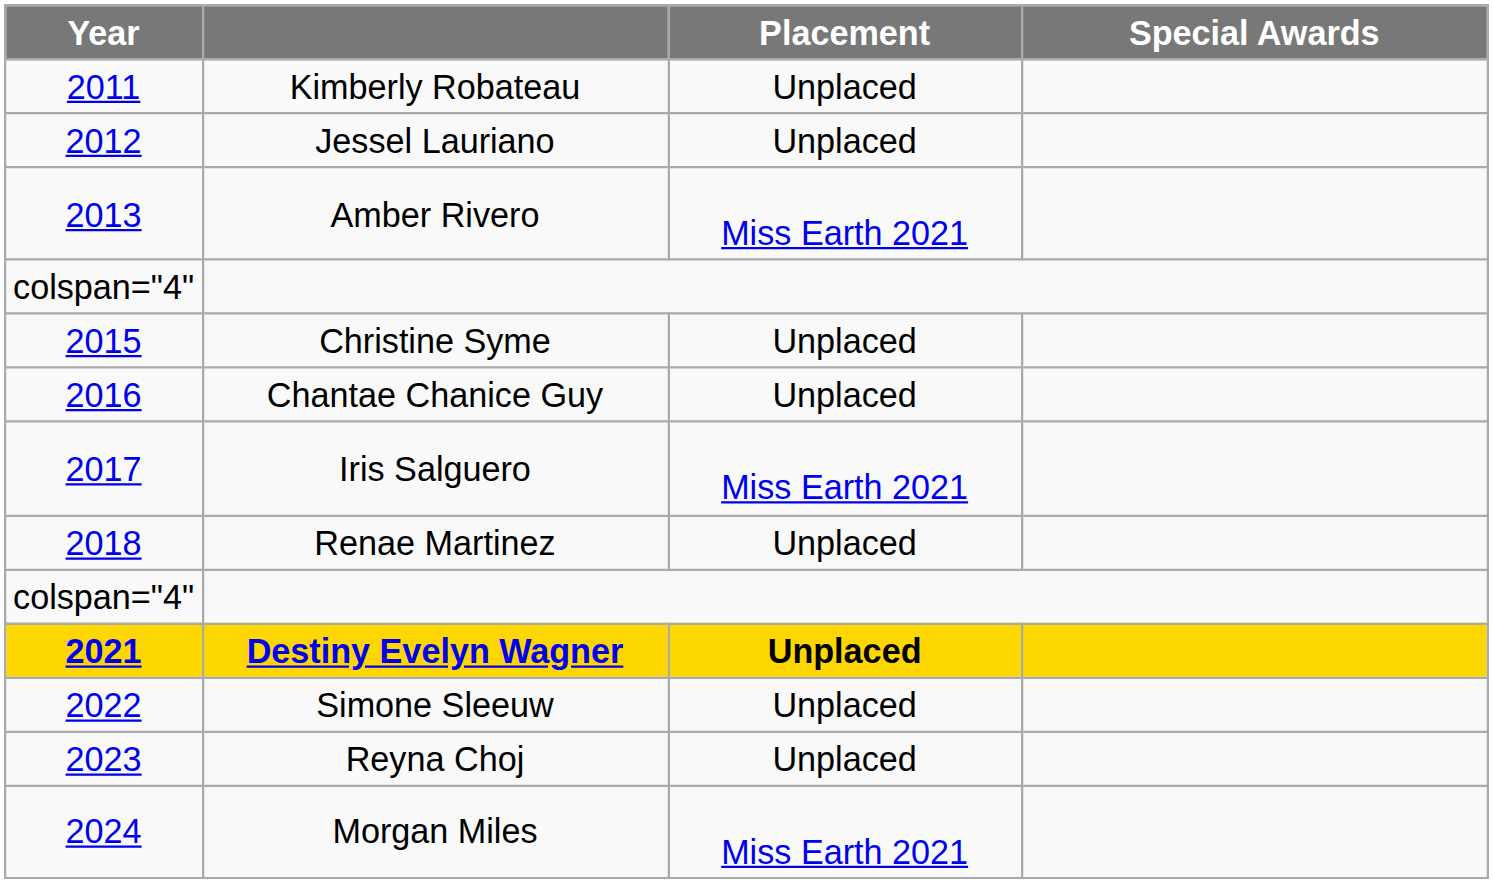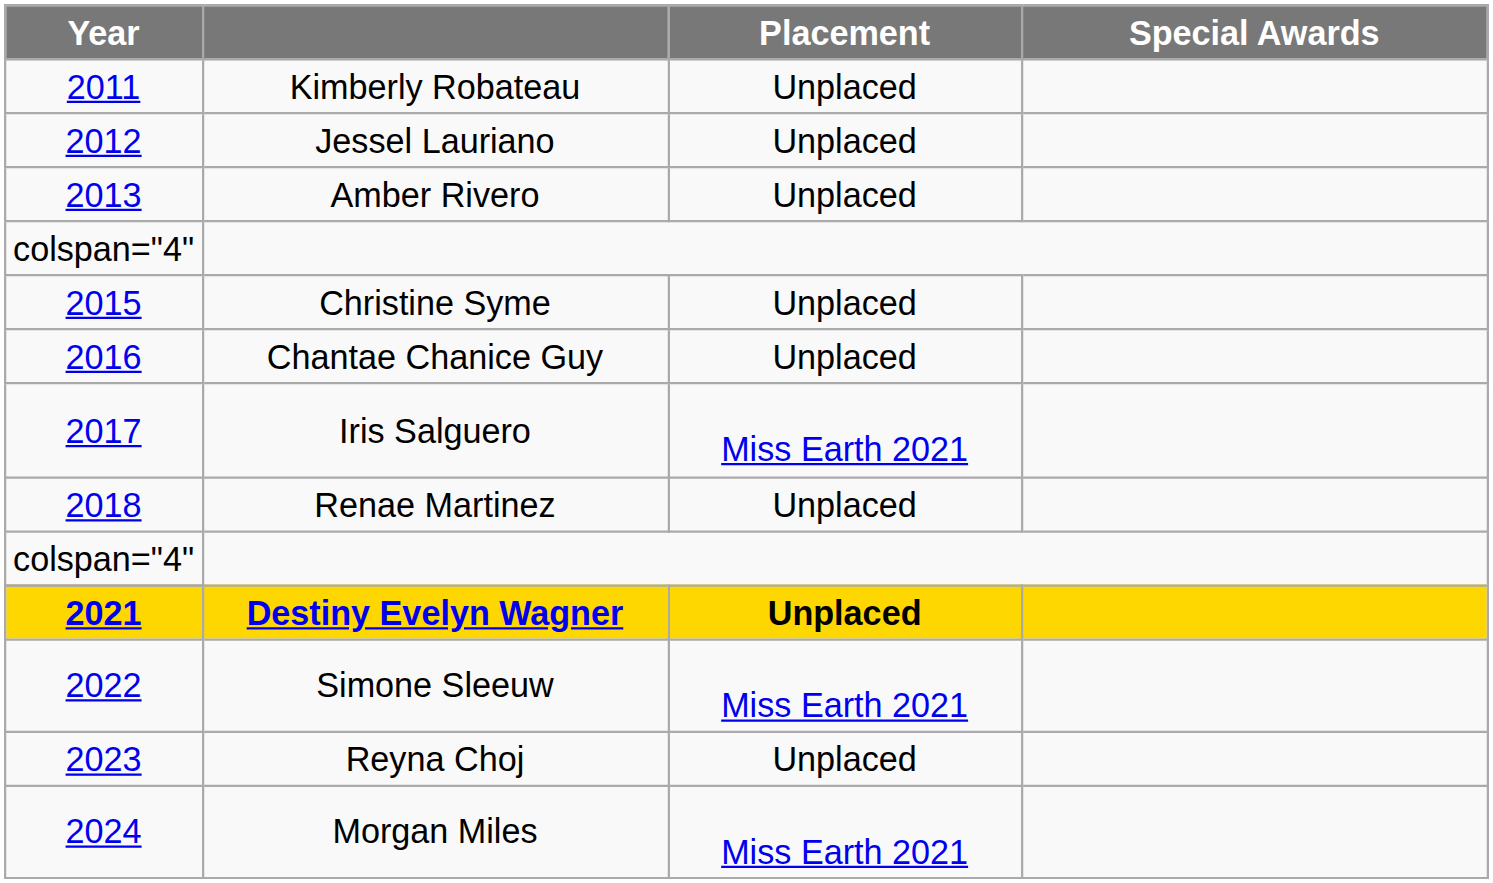 <table class="wikitable sortable" style="font-size: 95%; text-align:center">
 <tr>
 <th width="20" style="background-color:#787878;color:#FFFFFF;">Year</th>
 <th width="200" style="background-color:#787878;color:#FFFFFF;"></th>
 <th width="150" style="background-color:#787878;color:#FFFFFF;">Placement</th>
 <th width="200" style="background-color:#787878;color:#FFFFFF;">Special Awards</th>
 </tr>
 <tr>
 <td><a href='#'>2011</a></td>
 <td>Kimberly Robateau</td>
 <td>Unplaced</td>
 <td></td>
 </tr>
 <tr>
 <td><a href='#'>2012</a></td>
 <td>Jessel Lauriano</td>
 <td>Unplaced</td>
 <td></td>
 </tr>
 <tr>
 <td><a href='#'>2013</a></td>
 <td>Amber Rivero</td>
-<td><br><a href='#'>Miss Earth 2021</a></td>
+<td>Unplaced</td>
 <td></td>
 </tr>
 <tr>
 <td>colspan="4" </td>
 </tr>
 <tr>
 <td><a href='#'>2015</a></td>
 <td>Christine Syme</td>
 <td>Unplaced</td>
 <td></td>
 </tr>
 <tr>
 <td><a href='#'>2016</a></td>
 <td>Chantae Chanice Guy</td>
 <td>Unplaced</td>
 <td></td>
 </tr>
 <tr>
 <td><a href='#'>2017</a></td>
 <td>Iris Salguero</td>
 <td><br><a href='#'>Miss Earth 2021</a></td>
 <td></td>
 </tr>
 <tr>
 <td><a href='#'>2018</a></td>
 <td>Renae Martinez</td>
 <td>Unplaced</td>
 <td></td>
 </tr>
 <tr>
 <td>colspan="4" </td>
 </tr>
 <tr>
 </tr>
 <tr style="background-color:gold; font-weight: bold">
 <td><a href='#'>2021</a></td>
 <td><a href='#'>Destiny Evelyn Wagner</a></td>
 <td>Unplaced</td>
 <td></td>
 </tr>
 <tr>
 <td><a href='#'>2022</a></td>
 <td>Simone Sleeuw</td>
-<td>Unplaced</td>
+<td><br><a href='#'>Miss Earth 2021</a></td>
 <td></td>
 </tr>
 <tr>
 <td><a href='#'>2023</a></td>
 <td>Reyna Choj</td>
 <td>Unplaced</td>
 <td></td>
 </tr>
 <tr>
 <td><a href='#'>2024</a></td>
 <td>Morgan Miles</td>
 <td><br><a href='#'>Miss Earth 2021</a></td>
 <td></td>
 </tr>
 <tr>
 </tr>
 </table>
